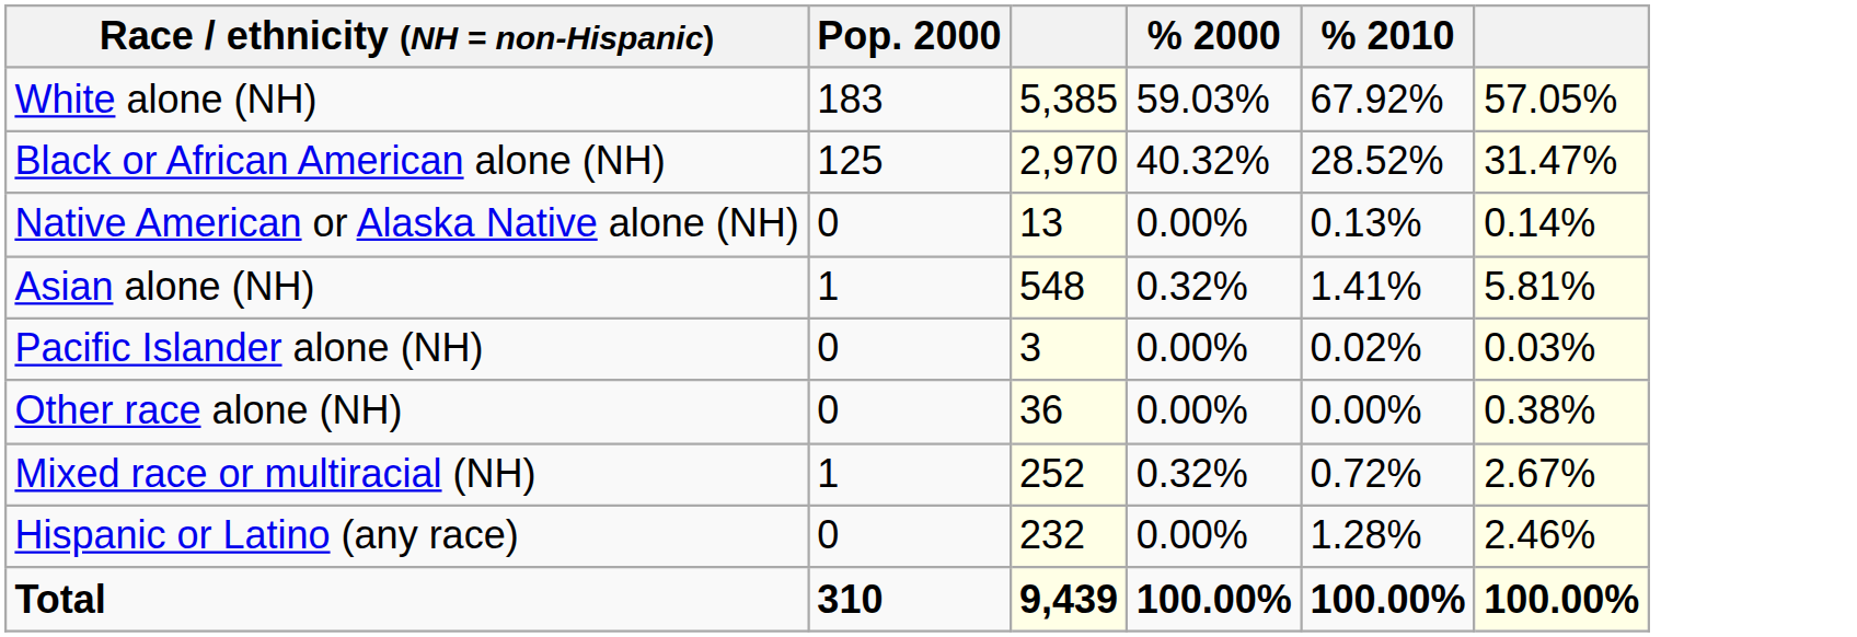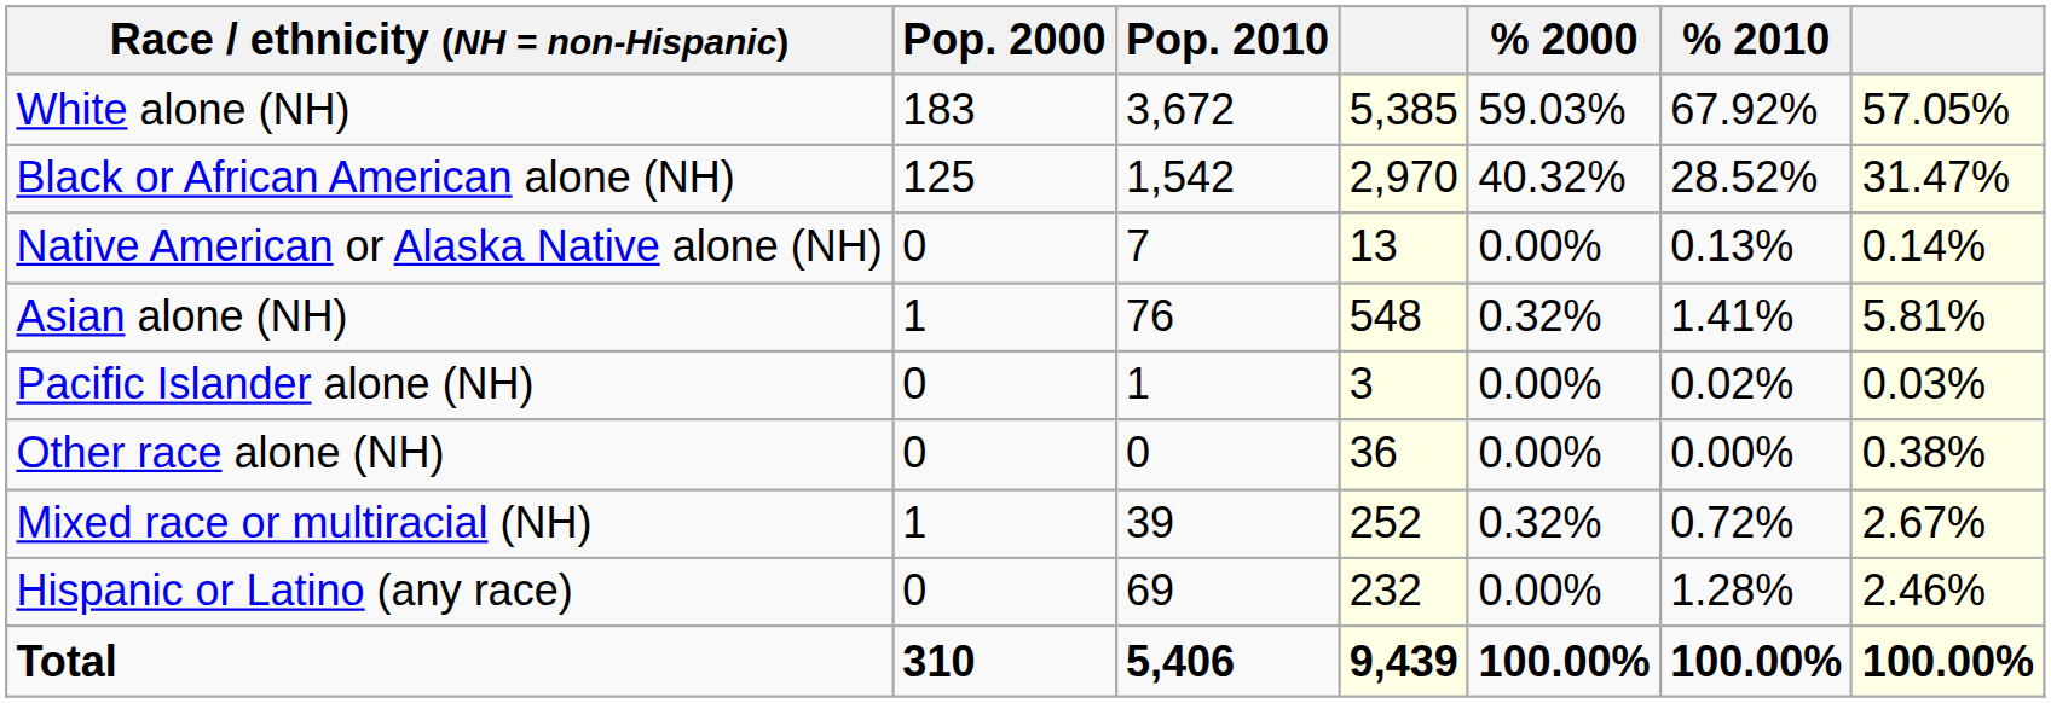 <table class="wikitable">
 <tr>
 <th>Race / ethnicity <small>(<em>NH = non-Hispanic</em>)</small></th>
 <th>Pop. 2000</th>
+<th>Pop. 2010</th>
 <th></th>
 <th>% 2000</th>
 <th>% 2010</th>
 <th></th>
 </tr>
 <tr>
 <td><a href='#'>White</a> alone (NH)</td>
 <td>183</td>
+<td>3,672</td>
 <td style='background: #ffffe6;'>5,385</td>
 <td>59.03%</td>
 <td>67.92%</td>
 <td style='background: #ffffe6;'>57.05%</td>
 </tr>
 <tr>
 <td><a href='#'>Black or African American</a> alone (NH)</td>
 <td>125</td>
+<td>1,542</td>
 <td style='background: #ffffe6;'>2,970</td>
 <td>40.32%</td>
 <td>28.52%</td>
 <td style='background: #ffffe6;'>31.47%</td>
 </tr>
 <tr>
 <td><a href='#'>Native American</a> or <a href='#'>Alaska Native</a> alone (NH)</td>
 <td>0</td>
+<td>7</td>
 <td style='background: #ffffe6;'>13</td>
 <td>0.00%</td>
 <td>0.13%</td>
 <td style='background: #ffffe6;'>0.14%</td>
 </tr>
 <tr>
 <td><a href='#'>Asian</a> alone (NH)</td>
 <td>1</td>
+<td>76</td>
 <td style='background: #ffffe6;'>548</td>
 <td>0.32%</td>
 <td>1.41%</td>
 <td style='background: #ffffe6;'>5.81%</td>
 </tr>
 <tr>
 <td><a href='#'>Pacific Islander</a> alone (NH)</td>
 <td>0</td>
+<td>1</td>
 <td style='background: #ffffe6;'>3</td>
 <td>0.00%</td>
 <td>0.02%</td>
 <td style='background: #ffffe6;'>0.03%</td>
 </tr>
 <tr>
 <td><a href='#'>Other race</a> alone (NH)</td>
+<td>0</td>
 <td>0</td>
 <td style='background: #ffffe6;'>36</td>
 <td>0.00%</td>
 <td>0.00%</td>
 <td style='background: #ffffe6;'>0.38%</td>
 </tr>
 <tr>
 <td><a href='#'>Mixed race or multiracial</a> (NH)</td>
 <td>1</td>
+<td>39</td>
 <td style='background: #ffffe6;'>252</td>
 <td>0.32%</td>
 <td>0.72%</td>
 <td style='background: #ffffe6;'>2.67%</td>
 </tr>
 <tr>
 <td><a href='#'>Hispanic or Latino</a> (any race)</td>
 <td>0</td>
+<td>69</td>
 <td style='background: #ffffe6;'>232</td>
 <td>0.00%</td>
 <td>1.28%</td>
 <td style='background: #ffffe6;'>2.46%</td>
 </tr>
 <tr>
 <td><strong>Total</strong></td>
 <td><strong>310</strong></td>
+<td><strong>5,406</strong></td>
 <td style='background: #ffffe6;'><strong>9,439</strong></td>
 <td><strong>100.00%</strong></td>
 <td><strong>100.00%</strong></td>
 <td style='background: #ffffe6;'><strong>100.00%</strong></td>
 </tr>
 </table>
